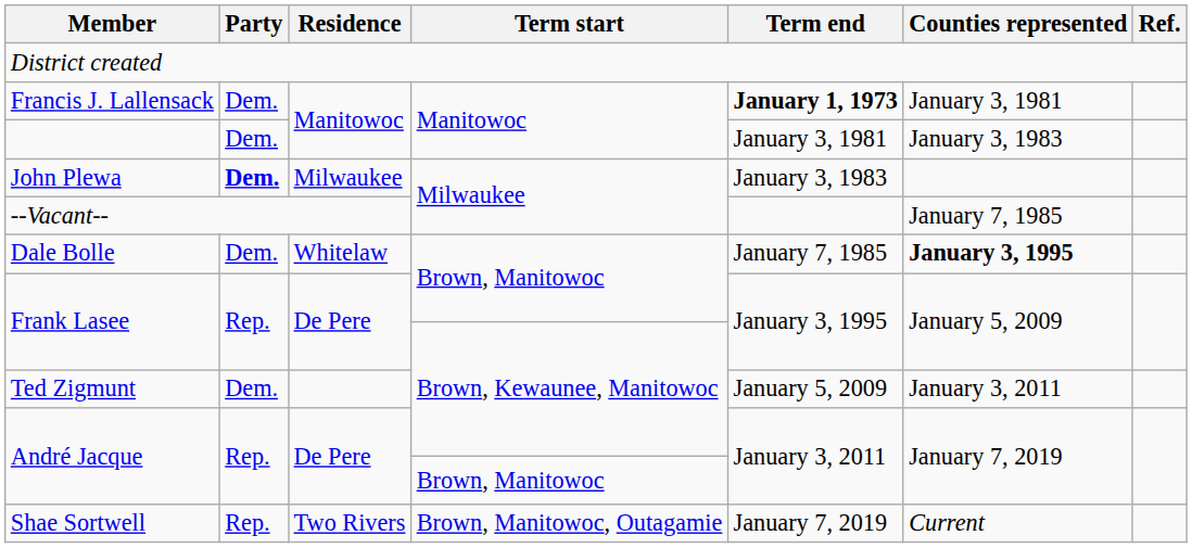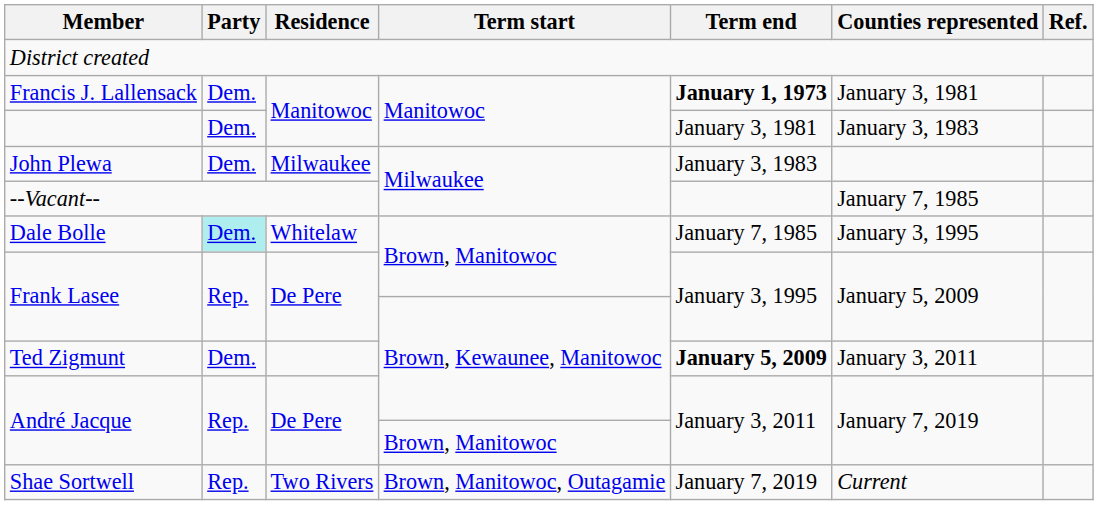 <table class="wikitable">
 <tr>
 <th>Member</th>
 <th>Party</th>
 <th>Residence</th>
 <th>Term start</th>
 <th>Term end</th>
 <th>Counties represented</th>
 <th>Ref.</th>
 </tr>
 <tr>
 <td colspan="7"><em>District created</em></td>
 </tr>
 <tr>
 <td><a href='#'>Francis J. Lallensack</a></td>
 <td><a href='#'>Dem.</a></td>
 <td rowspan="2"><a href='#'>Manitowoc</a></td>
 <td rowspan="2"><a href='#'>Manitowoc</a></td>
 <td><strong>January 1, 1973</strong></td>
 <td>January 3, 1981</td>
 <td></td>
 </tr>
 <tr>
 <td></td>
 <td><a href='#'>Dem.</a></td>
 <td>January 3, 1981</td>
 <td>January 3, 1983</td>
 <td></td>
 </tr>
 <tr>
 <td><a href='#'>John Plewa</a></td>
-<td><strong><a href='#'>Dem.</a></strong></td>
+<td><a href='#'>Dem.</a></td>
 <td><a href='#'>Milwaukee</a></td>
 <td rowspan="2"><a href='#'>Milwaukee</a></td>
 <td>January 3, 1983</td>
 <td></td>
 <td></td>
 </tr>
 <tr>
 <td colspan="3"><em>--Vacant--</em></td>
 <td></td>
 <td>January 7, 1985</td>
 <td></td>
 </tr>
 <tr>
 <td><a href='#'>Dale Bolle</a></td>
-<td><a href='#'>Dem.</a></td>
+<td style="background: paleturquoise;"><a href='#'>Dem.</a></td>
 <td><a href='#'>Whitelaw</a></td>
 <td rowspan="2"><a href='#'>Brown</a>, <a href='#'>Manitowoc</a></td>
 <td>January 7, 1985</td>
-<td><strong>January 3, 1995</strong></td>
+<td>January 3, 1995</td>
 <td></td>
 </tr>
 <tr style="height:2em">
 <td rowspan="2"><a href='#'>Frank Lasee</a></td>
 <td rowspan="2" ><a href='#'>Rep.</a></td>
 <td rowspan="2"><a href='#'>De Pere</a></td>
 <td rowspan="2">January 3, 1995</td>
 <td rowspan="2">January 5, 2009</td>
 <td rowspan="2"></td>
 </tr>
 <tr style="height:2em">
 <td rowspan="3"><a href='#'>Brown</a>, <a href='#'>Kewaunee</a>, <a href='#'>Manitowoc</a></td>
 </tr>
 <tr>
 <td><a href='#'>Ted Zigmunt</a></td>
 <td><a href='#'>Dem.</a></td>
 <td></td>
-<td>January 5, 2009</td>
+<td><strong>January 5, 2009</strong></td>
 <td>January 3, 2011</td>
 <td></td>
 </tr>
 <tr style="height:2em">
 <td rowspan="2"><a href='#'>André Jacque</a></td>
 <td rowspan="2" ><a href='#'>Rep.</a></td>
 <td rowspan="2"><a href='#'>De Pere</a></td>
 <td rowspan="2">January 3, 2011</td>
 <td rowspan="2">January 7, 2019</td>
 <td rowspan="2"></td>
 </tr>
 <tr style="height:2em">
 <td rowspan="2"><a href='#'>Brown</a>, <a href='#'>Manitowoc</a></td>
 </tr>
 <tr>
 <td rowspan="2"><a href='#'>Shae Sortwell</a></td>
 <td rowspan="2" ><a href='#'>Rep.</a></td>
 <td rowspan="2"><a href='#'>Two Rivers</a></td>
 <td rowspan="2">January 7, 2019</td>
 <td rowspan="2"><em>Current</em></td>
 <td rowspan="2"></td>
 </tr>
 <tr>
 <td><a href='#'>Brown</a>, <a href='#'>Manitowoc</a>, <a href='#'>Outagamie</a></td>
 </tr>
 </table>
